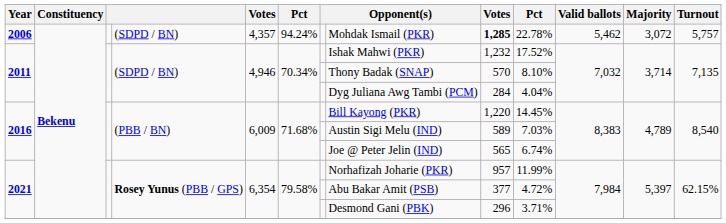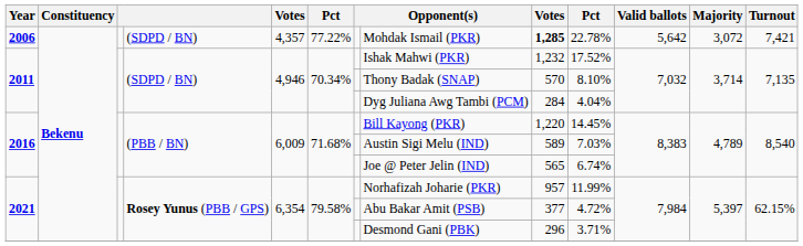 <table class="wikitable" style="margin:0.5em ; font-size:90%">
 <tr>
 <th>Year</th>
 <th>Constituency</th>
 <th colspan=2></th>
 <th>Votes</th>
 <th>Pct</th>
 <th colspan=2>Opponent(s)</th>
 <th>Votes</th>
 <th>Pct</th>
 <th>Valid ballots</th>
 <th>Majority</th>
 <th>Turnout</th>
 </tr>
 <tr>
 <td><strong><a href='#'>2006</a></strong></td>
 <td rowspan="10"><strong><a href='#'>Bekenu</a></strong></td>
 <td></td>
 <td> (<a href='#'>SDPD</a> / <a href='#'>BN</a>)</td>
 <td style="text-align:right;">4,357</td>
-<td style="text-align:right;">94.24%</td>
+<td style="text-align:right;">77.22%</td>
 <td></td>
 <td>Mohdak Ismail (<a href='#'>PKR</a>)</td>
 <td style="text-align:right;"><strong>1,285</strong></td>
 <td style="text-align:right;">22.78%</td>
-<td style="text-align:right;">5,462</td>
+<td style="text-align:right;">5,642</td>
 <td style="text-align:right;">3,072</td>
-<td style="text-align:right;">5,757</td>
+<td style="text-align:right;">7,421</td>
 </tr>
 <tr>
 <td rowspan="3"><strong><a href='#'>2011</a></strong></td>
 <td rowspan="3" ></td>
 <td rowspan="3"> (<a href='#'>SDPD</a> / <a href='#'>BN</a>)</td>
 <td style="text-align:right;" rowspan="3">4,946</td>
 <td style="text-align:right;" rowspan="3">70.34%</td>
 <td rowspan=1 ></td>
 <td>Ishak Mahwi (<a href='#'>PKR</a>)</td>
 <td style="text-align:right;">1,232</td>
 <td style="text-align:right;">17.52%</td>
 <td style="text-align:right;" rowspan="3">7,032</td>
 <td style="text-align:right;" rowspan="3">3,714</td>
 <td style="text-align:right;" rowspan="3">7,135</td>
 </tr>
 <tr>
 <td rowspan=1 ></td>
 <td>Thony Badak (<a href='#'>SNAP</a>)</td>
 <td style="text-align:right;">570</td>
 <td style="text-align:right;">8.10%</td>
 </tr>
 <tr>
 <td rowspan=1 ></td>
 <td>Dyg Juliana Awg Tambi (<a href='#'>PCM</a>)</td>
 <td style="text-align:right;">284</td>
 <td style="text-align:right;">4.04%</td>
 </tr>
 <tr>
 <td rowspan="3"><strong><a href='#'>2016</a></strong></td>
 <td rowspan="3" ></td>
 <td rowspan="3"> (<a href='#'>PBB</a> / <a href='#'>BN</a>)</td>
 <td rowspan="3" style="text-align:right;">6,009</td>
 <td style="text-align:right;" rowspan="3">71.68%</td>
 <td rowspan=1 ></td>
 <td><a href='#'>Bill Kayong</a> (<a href='#'>PKR</a>)</td>
 <td style="text-align:right;">1,220</td>
 <td style="text-align:right;">14.45%</td>
 <td style="text-align:right;" rowspan="3">8,383</td>
 <td style="text-align:right;" rowspan="3">4,789</td>
 <td style="text-align:right;" rowspan="3">8,540</td>
 </tr>
 <tr>
 <td rowspan=1 ></td>
 <td>Austin Sigi Melu (<a href='#'>IND</a>)</td>
 <td style="text-align:right;">589</td>
 <td style="text-align:right;">7.03%</td>
 </tr>
 <tr>
 <td rowspan=1 ></td>
 <td>Joe @ Peter Jelin (<a href='#'>IND</a>)</td>
 <td style="text-align:right;">565</td>
 <td style="text-align:right;">6.74%</td>
 </tr>
 <tr>
 <td rowspan="3"><a href='#'><strong>2021</strong></a></td>
 <td rowspan="3" ></td>
 <td rowspan="3"><strong>Rosey Yunus</strong> (<a href='#'>PBB</a> / <a href='#'>GPS</a>)</td>
 <td rowspan="3" style="text-align:right;">6,354</td>
 <td rowspan="3" style="text-align:right;">79.58%</td>
 <td></td>
 <td>Norhafizah Joharie (<a href='#'>PKR</a>)</td>
 <td style="text-align:right;">957</td>
 <td style="text-align:right;">11.99%</td>
 <td rowspan="3" style="text-align:right;">7,984</td>
 <td rowspan="3" style="text-align:right;">5,397</td>
 <td rowspan="3" style="text-align:right;">62.15%</td>
 </tr>
 <tr>
 <td></td>
 <td>Abu Bakar Amit (<a href='#'>PSB</a>)</td>
 <td style="text-align:right;">377</td>
 <td style="text-align:right;">4.72%</td>
 </tr>
 <tr>
 <td></td>
 <td>Desmond Gani (<a href='#'>PBK</a>)</td>
 <td style="text-align:right;">296</td>
 <td style="text-align:right;">3.71%</td>
 </tr>
 <tr>
 </tr>
 </table>
